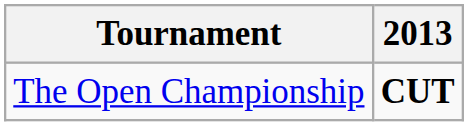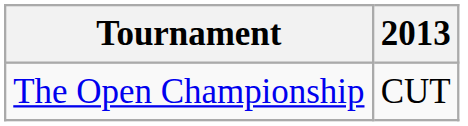 <table class="wikitable" style="font-size:95%;text-align:center;">
 <tr>
 <th>Tournament</th>
 <th>2013</th>
 </tr>
 <tr>
 <td align=left><a href='#'>The Open Championship</a></td>
-<td><strong>CUT</strong></td>
+<td>CUT</td>
 </tr>
 </table>
